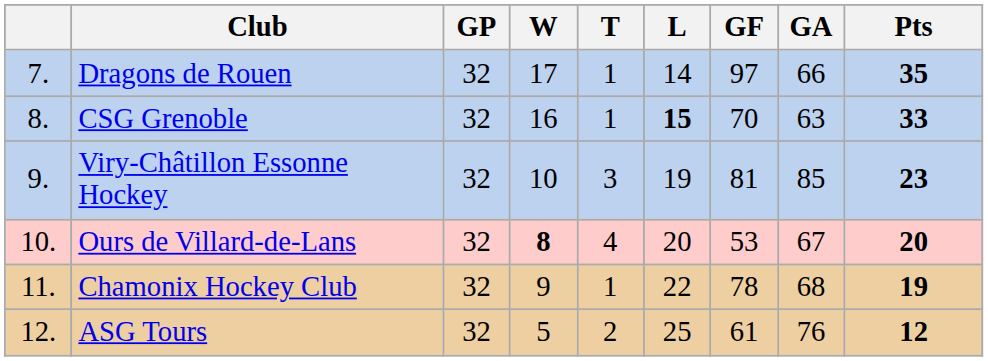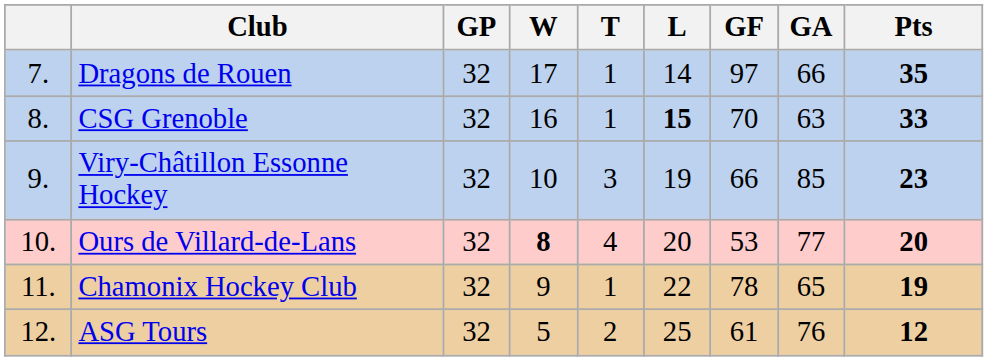 <table class="wikitable">
 <tr>
 <th width="30"></th>
 <th width="200">Club</th>
 <th width="30">GP</th>
 <th width="30">W</th>
 <th width="30">T</th>
 <th width="30">L</th>
 <th width="30">GF</th>
 <th width="30">GA</th>
 <th width="70">Pts</th>
 </tr>
 <tr bgcolor="#BCD2EE" align="center">
 <td>7.</td>
 <td align="left"><a href='#'>Dragons de Rouen</a></td>
 <td>32</td>
 <td>17</td>
 <td>1</td>
 <td>14</td>
 <td>97</td>
 <td>66</td>
 <td><strong>35</strong></td>
 </tr>
 <tr bgcolor="#BCD2EE" align="center">
 <td>8.</td>
 <td align="left"><a href='#'>CSG Grenoble</a></td>
 <td>32</td>
 <td>16</td>
 <td>1</td>
 <td><strong>15</strong></td>
 <td>70</td>
 <td>63</td>
 <td><strong>33</strong></td>
 </tr>
 <tr bgcolor="#BCD2EE" align="center">
 <td>9.</td>
 <td align="left"><a href='#'>Viry-Châtillon Essonne Hockey&lrm;</a></td>
 <td>32</td>
 <td>10</td>
 <td>3</td>
 <td>19</td>
-<td>81</td>
+<td>66</td>
 <td>85</td>
 <td><strong>23</strong></td>
 </tr>
 <tr bgcolor="#FFCCCC" align="center">
 <td>10.</td>
 <td align="left"><a href='#'>Ours de Villard-de-Lans</a></td>
 <td>32</td>
 <td><strong>8</strong></td>
 <td>4</td>
 <td>20</td>
 <td>53</td>
-<td>67</td>
+<td>77</td>
 <td><strong>20</strong></td>
 </tr>
 <tr bgcolor="#EECFA1" align="center">
 <td>11.</td>
 <td align="left"><a href='#'>Chamonix Hockey Club</a></td>
 <td>32</td>
 <td>9</td>
 <td>1</td>
 <td>22</td>
 <td>78</td>
-<td>68</td>
+<td>65</td>
 <td><strong>19</strong></td>
 </tr>
 <tr bgcolor="#EECFA1" align="center">
 <td>12.</td>
 <td align="left"><a href='#'>ASG Tours</a></td>
 <td>32</td>
 <td>5</td>
 <td>2</td>
 <td>25</td>
 <td>61</td>
 <td>76</td>
 <td><strong>12</strong></td>
 </tr>
 </table>
